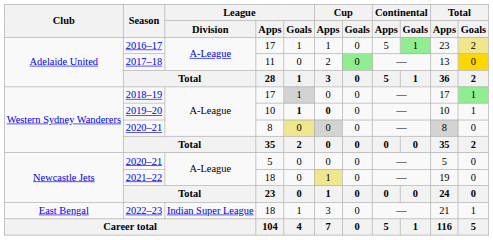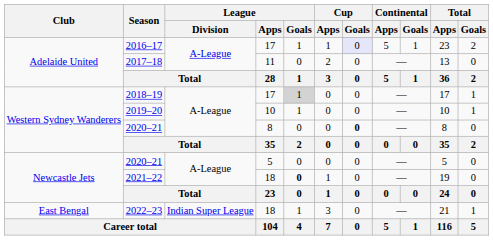 <table class="wikitable" style="text-align:center">
 <tr>
 <th rowspan="2">Club</th>
 <th rowspan="2">Season</th>
 <th colspan="3">League</th>
 <th colspan="2">Cup</th>
 <th colspan="2">Continental</th>
 <th colspan="2">Total</th>
 </tr>
 <tr>
 <th>Division</th>
 <th>Apps</th>
 <th>Goals</th>
 <th>Apps</th>
 <th>Goals</th>
 <th>Apps</th>
 <th>Goals</th>
 <th>Apps</th>
 <th>Goals</th>
 </tr>
 <tr>
 <td rowspan="3"><a href='#'>Adelaide United</a></td>
 <td><a href='#'>2016–17</a></td>
 <td rowspan="2"><a href='#'>A-League</a></td>
 <td>17</td>
 <td>1</td>
 <td>1</td>
-<td>0</td>
+<td style="background: lavender;">0</td>
 <td>5</td>
-<td style="background: lightgreen;">1</td>
+<td>1</td>
 <td>23</td>
-<td style="background: khaki;">2</td>
+<td>2</td>
 </tr>
 <tr>
 <td><a href='#'>2017–18</a></td>
 <td>11</td>
 <td>0</td>
 <td>2</td>
-<td style="background: lightgreen;">0</td>
+<td>0</td>
 <td colspan="2">—</td>
 <td>13</td>
-<td style="background: gold;">0</td>
+<td>0</td>
 </tr>
 <tr>
 <th colspan="2">Total</th>
 <th>28</th>
 <th>1</th>
 <th>3</th>
 <th>0</th>
 <th>5</th>
 <th>1</th>
 <th>36</th>
 <th>2</th>
 </tr>
 <tr>
 <td rowspan="4"><a href='#'>Western Sydney Wanderers</a></td>
 <td><a href='#'>2018–19</a></td>
 <td rowspan="3">A-League</td>
 <td>17</td>
 <td style="background: lightgrey;">1</td>
 <td>0</td>
 <td>0</td>
 <td colspan="2">—</td>
 <td>17</td>
-<td style="background: lightgreen;">1</td>
+<td>1</td>
 </tr>
 <tr>
 <td><a href='#'>2019–20</a></td>
 <td>10</td>
-<td><strong>1</strong></td>
-<td><strong>0</strong></td>
+<td>1</td>
+<td>0</td>
 <td>0</td>
 <td colspan="2">—</td>
 <td>10</td>
 <td>1</td>
 </tr>
 <tr>
 <td><a href='#'>2020–21</a></td>
 <td>8</td>
-<td style="background: khaki;">0</td>
-<td style="background: lightgrey;">0</td>
 <td>0</td>
+<td>0</td>
+<td><strong>0</strong></td>
 <td colspan="2">—</td>
-<td style="background: lightgrey;">8</td>
+<td>8</td>
 <td>0</td>
 </tr>
 <tr>
 <th colspan="2">Total</th>
 <th>35</th>
 <th>2</th>
 <th>0</th>
 <th>0</th>
 <th>0</th>
 <th>0</th>
 <th>35</th>
 <th>2</th>
 </tr>
 <tr>
 <td rowspan="3"><a href='#'>Newcastle Jets</a></td>
 <td><a href='#'>2020–21</a></td>
 <td rowspan="2">A-League</td>
 <td>5</td>
 <td>0</td>
 <td>0</td>
 <td>0</td>
 <td colspan="2">—</td>
 <td>5</td>
 <td>0</td>
 </tr>
 <tr>
 <td><a href='#'>2021–22</a></td>
 <td>18</td>
-<td>0</td>
-<td style="background: khaki;">1</td>
+<td><strong>0</strong></td>
+<td>1</td>
 <td>0</td>
 <td colspan="2">—</td>
 <td>19</td>
 <td>0</td>
 </tr>
 <tr>
 <th colspan="2">Total</th>
 <th>23</th>
 <th>0</th>
 <th>1</th>
 <th>0</th>
 <th>0</th>
 <th>0</th>
 <th>24</th>
 <th>0</th>
 </tr>
 <tr>
 <td><a href='#'>East Bengal</a></td>
 <td><a href='#'>2022–23</a></td>
 <td><a href='#'>Indian Super League</a></td>
 <td>18</td>
 <td>1</td>
 <td>3</td>
 <td>0</td>
 <td colspan="2">—</td>
 <td>21</td>
 <td>1</td>
 </tr>
 <tr>
 <th colspan="3">Career total</th>
 <th>104</th>
 <th>4</th>
 <th>7</th>
 <th>0</th>
 <th>5</th>
 <th>1</th>
 <th>116</th>
 <th>5</th>
 </tr>
 </table>
